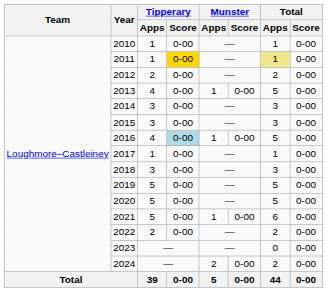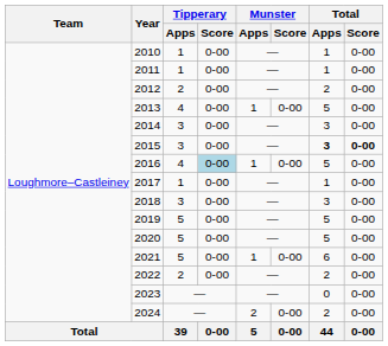 <table class="wikitable" style="text-align:center">
 <tr>
 <th rowspan="2">Team</th>
 <th rowspan="2">Year</th>
 <th colspan="2"><a href='#'>Tipperary</a></th>
 <th colspan="2"><a href='#'>Munster</a></th>
 <th colspan="2">Total</th>
 </tr>
 <tr>
 <th>Apps</th>
 <th>Score</th>
 <th>Apps</th>
 <th>Score</th>
 <th>Apps</th>
 <th>Score</th>
 </tr>
 <tr>
 <td rowspan="15"><a href='#'>Loughmore–Castleiney</a></td>
 <td>2010</td>
 <td>1</td>
 <td>0-00</td>
 <td colspan=2>—</td>
 <td>1</td>
 <td>0-00</td>
 </tr>
 <tr>
 <td>2011</td>
 <td>1</td>
-<td style="background: gold;">0-00</td>
+<td>0-00</td>
 <td colspan=2>—</td>
-<td style="background: khaki;">1</td>
+<td>1</td>
 <td>0-00</td>
 </tr>
 <tr>
 <td>2012</td>
 <td>2</td>
 <td>0-00</td>
 <td colspan=2>—</td>
 <td>2</td>
 <td>0-00</td>
 </tr>
 <tr>
 <td>2013</td>
 <td>4</td>
 <td>0-00</td>
 <td>1</td>
 <td>0-00</td>
 <td>5</td>
 <td>0-00</td>
 </tr>
 <tr>
 <td>2014</td>
 <td>3</td>
 <td>0-00</td>
 <td colspan=2>—</td>
 <td>3</td>
 <td>0-00</td>
 </tr>
 <tr>
 <td>2015</td>
 <td>3</td>
 <td>0-00</td>
 <td colspan=2>—</td>
-<td>3</td>
-<td>0-00</td>
+<td><strong>3</strong></td>
+<td><strong>0-00</strong></td>
 </tr>
 <tr>
 <td>2016</td>
 <td>4</td>
 <td style="background: lightblue;">0-00</td>
 <td>1</td>
 <td>0-00</td>
 <td>5</td>
 <td>0-00</td>
 </tr>
 <tr>
 <td>2017</td>
 <td>1</td>
 <td>0-00</td>
 <td colspan=2>—</td>
 <td>1</td>
 <td>0-00</td>
 </tr>
 <tr>
 <td>2018</td>
 <td>3</td>
 <td>0-00</td>
 <td colspan=2>—</td>
 <td>3</td>
 <td>0-00</td>
 </tr>
 <tr>
 <td>2019</td>
 <td>5</td>
 <td>0-00</td>
 <td colspan=2>—</td>
 <td>5</td>
 <td>0-00</td>
 </tr>
 <tr>
 <td>2020</td>
 <td>5</td>
 <td>0-00</td>
 <td colspan=2>—</td>
 <td>5</td>
 <td>0-00</td>
 </tr>
 <tr>
 <td>2021</td>
 <td>5</td>
 <td>0-00</td>
 <td>1</td>
 <td>0-00</td>
 <td>6</td>
 <td>0-00</td>
 </tr>
 <tr>
 <td>2022</td>
 <td>2</td>
 <td>0-00</td>
 <td colspan=2>—</td>
 <td>2</td>
 <td>0-00</td>
 </tr>
 <tr>
 <td>2023</td>
 <td colspan=2>—</td>
 <td colspan=2>—</td>
 <td>0</td>
 <td>0-00</td>
 </tr>
 <tr>
 <td>2024</td>
 <td colspan=2>—</td>
 <td>2</td>
 <td>0-00</td>
 <td>2</td>
 <td>0-00</td>
 </tr>
 <tr>
 <th colspan="2">Total</th>
 <th>39</th>
 <th>0-00</th>
 <th>5</th>
 <th>0-00</th>
 <th>44</th>
 <th>0-00</th>
 </tr>
 </table>
